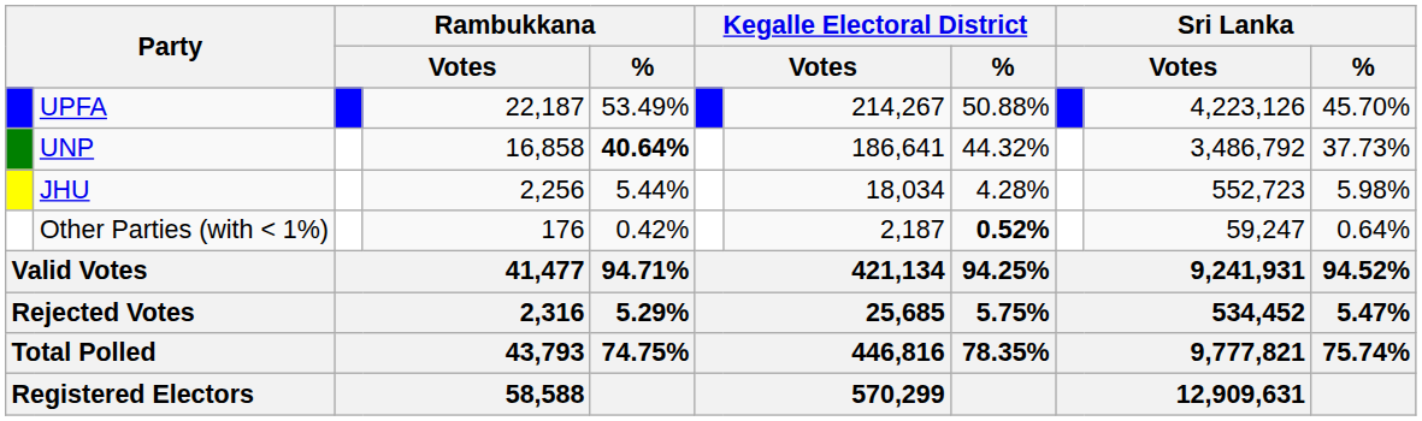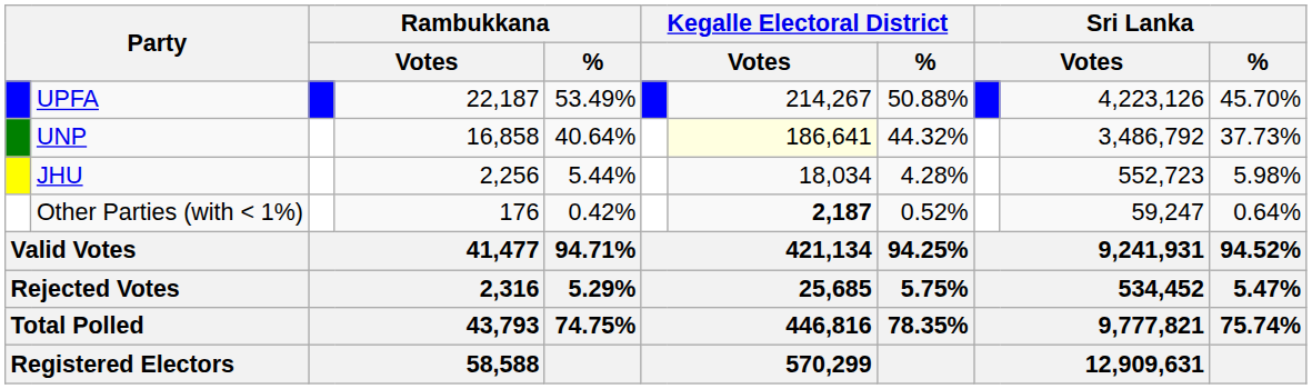 <table class="wikitable">
 <tr>
 <th colspan="2" width="144px"rowspan="2">Party</th>
 <th colspan="3" width="216px">Rambukkana</th>
 <th colspan="3" width="216px"><a href='#'>Kegalle Electoral District</a></th>
 <th colspan="3" width="216px">Sri Lanka</th>
 </tr>
 <tr>
 <th colspan="2" width="144px">Votes</th>
 <th>%</th>
 <th colspan="2" width="144px">Votes</th>
 <th>%</th>
 <th colspan="2" width="144px">Votes</th>
 <th>%</th>
 </tr>
 <tr>
 <td style="background-color:blue;" width="10px"></td>
 <td style="text-align:left;"><a href='#'>UPFA</a></td>
 <td style="background-color:blue;" width="10px"></td>
 <td style="text-align:right;">22,187</td>
 <td style="text-align:right;">53.49%</td>
 <td style="background-color:blue;" width="10px"></td>
 <td style="text-align:right;">214,267</td>
 <td style="text-align:right;">50.88%</td>
 <td style="background-color:blue;" width="10px"></td>
 <td style="text-align:right;">4,223,126</td>
 <td style="text-align:right;">45.70%</td>
 </tr>
 <tr>
 <td style="background-color:green;" width="10px"></td>
 <td style="text-align:left;"><a href='#'>UNP</a></td>
 <td style="background-color:white;" width="10px"></td>
 <td style="text-align:right;">16,858</td>
-<td style="text-align:right;"><strong>40.64%</strong></td>
+<td style="text-align:right;">40.64%</td>
 <td style="background-color:white;" width="10px"></td>
-<td style="text-align:right;">186,641</td>
+<td style="background: lightyellow; text-align:right;">186,641</td>
 <td style="text-align:right;">44.32%</td>
 <td style="background-color:white;" width="10px"></td>
 <td style="text-align:right;">3,486,792</td>
 <td style="text-align:right;">37.73%</td>
 </tr>
 <tr>
 <td style="background-color:yellow;" width="10px"></td>
 <td style="text-align:left;"><a href='#'>JHU</a></td>
 <td style="background-color:white;" width="10px"></td>
 <td style="text-align:right;">2,256</td>
 <td style="text-align:right;">5.44%</td>
 <td style="background-color:white;" width="10px"></td>
 <td style="text-align:right;">18,034</td>
 <td style="text-align:right;">4.28%</td>
 <td style="background-color:white;" width="10px"></td>
 <td style="text-align:right;">552,723</td>
 <td style="text-align:right;">5.98%</td>
 </tr>
 <tr>
 <td style="background-color:white;" width="10px"></td>
 <td style="text-align:left;">Other Parties (with < 1%)</td>
 <td style="background-color:white;" width="10px"></td>
 <td style="text-align:right;">176</td>
 <td style="text-align:right;">0.42%</td>
 <td style="background-color:white;" width="10px"></td>
-<td style="text-align:right;">2,187</td>
-<td style="text-align:right;"><strong>0.52%</strong></td>
+<td style="text-align:right;"><strong>2,187</strong></td>
+<td style="text-align:right;">0.52%</td>
 <td style="background-color:white;" width="10px"></td>
 <td style="text-align:right;">59,247</td>
 <td style="text-align:right;">0.64%</td>
 </tr>
 <tr>
 <th colspan="2" width="144px"style="text-align:left;">Valid Votes</th>
 <th style="text-align:right;"colspan="2" width="144px">41,477</th>
 <th style="text-align:right;">94.71%</th>
 <th style="text-align:right;"colspan="2" width="144px">421,134</th>
 <th style="text-align:right;">94.25%</th>
 <th style="text-align:right;"colspan="2" width="144px">9,241,931</th>
 <th style="text-align:right;">94.52%</th>
 </tr>
 <tr>
 <th colspan="2" width="144px"style="text-align:left;">Rejected Votes</th>
 <th style="text-align:right;"colspan="2" width="144px">2,316</th>
 <th style="text-align:right;">5.29%</th>
 <th style="text-align:right;"colspan="2" width="144px">25,685</th>
 <th style="text-align:right;">5.75%</th>
 <th style="text-align:right;"colspan="2" width="144px">534,452</th>
 <th style="text-align:right;">5.47%</th>
 </tr>
 <tr>
 <th colspan="2" width="144px"style="text-align:left;">Total Polled</th>
 <th style="text-align:right;"colspan="2" width="144px">43,793</th>
 <th style="text-align:right;">74.75%</th>
 <th style="text-align:right;"colspan="2" width="144px">446,816</th>
 <th style="text-align:right;">78.35%</th>
 <th style="text-align:right;"colspan="2" width="144px">9,777,821</th>
 <th style="text-align:right;">75.74%</th>
 </tr>
 <tr>
 <th colspan="2" width="144px"style="text-align:left;">Registered Electors</th>
 <th style="text-align:right;"colspan="2" width="144px">58,588</th>
 <th></th>
 <th style="text-align:right;"colspan="2" width="144px">570,299</th>
 <th></th>
 <th style="text-align:right;"colspan="2" width="144px">12,909,631</th>
 <th></th>
 </tr>
 </table>
